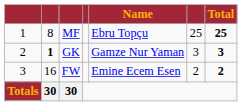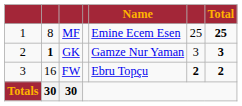 <table class="wikitable" style="text-align:center">
 <tr>
 <th style="background:#A32638; color:#FFB300; "></th>
 <th style="background:#A32638; color:#FFB300; "></th>
 <th style="background:#A32638; color:#FFB300; "></th>
 <th style="background:#A32638; color:#FFB300; "></th>
 <th style="background:#A32638; color:#FFB300; ">Name</th>
 <th style="background:#A32638; color:#FFB300; "></th>
 <th style="background:#A32638; color:#FFB300; ">Total</th>
 </tr>
 <tr>
 <td>1</td>
 <td>8</td>
 <td><a href='#'>MF</a></td>
 <td></td>
-<td align=left><a href='#'>Ebru Topçu</a></td>
+<td align=left><a href='#'>Emine Ecem Esen</a></td>
 <td>25</td>
 <td><strong>25</strong></td>
 </tr>
 <tr>
 <td>2</td>
 <td><strong>1</strong></td>
 <td><a href='#'>GK</a></td>
 <td></td>
 <td align=left><a href='#'>Gamze Nur Yaman</a></td>
 <td>3</td>
 <td><strong>3</strong></td>
 </tr>
 <tr>
 <td>3</td>
 <td>16</td>
 <td><a href='#'>FW</a></td>
 <td></td>
-<td align=left><a href='#'>Emine Ecem Esen</a></td>
-<td>2</td>
+<td align=left><a href='#'>Ebru Topçu</a></td>
+<td><strong>2</strong></td>
 <td><strong>2</strong></td>
 </tr>
 <tr>
 <td style="background:#A32638; color:#FFB300; "><strong>Totals</strong></td>
 <th><strong>30</strong></th>
 <th><strong>30</strong></th>
 </tr>
 </table>
